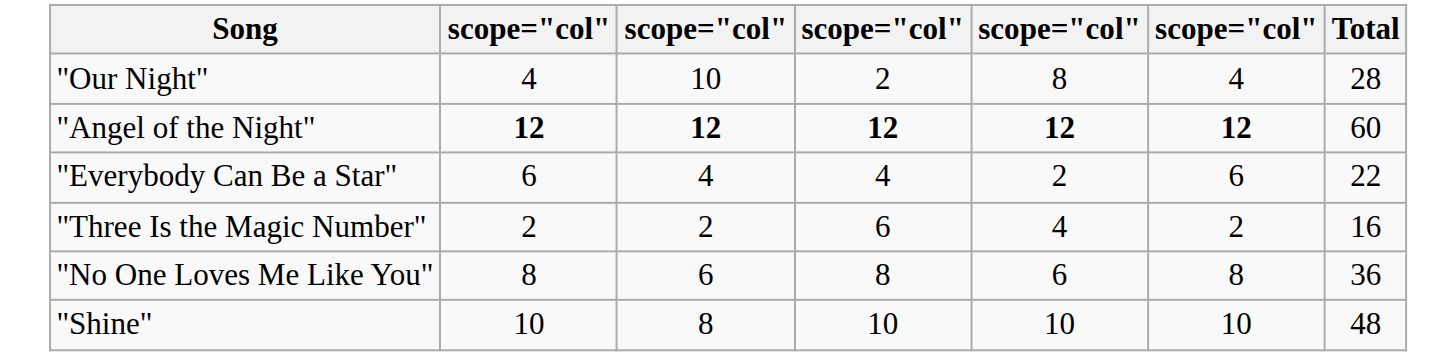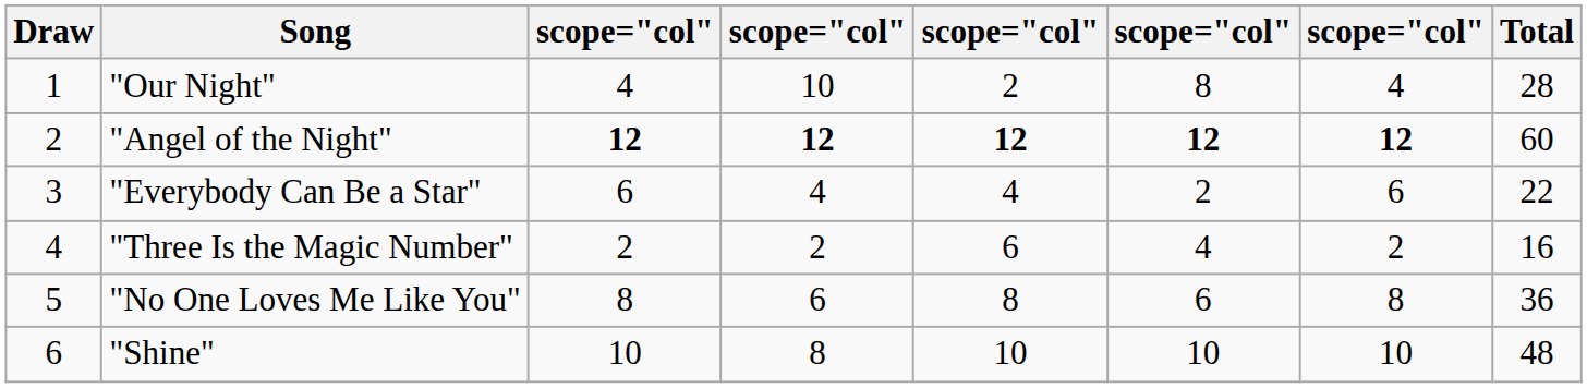 <table class="wikitable collapsible" style="margin: 1em auto 1em auto; text-align:center;">
 <tr>
+<th>Draw</th>
 <th>Song</th>
 <th>scope="col" </th>
 <th>scope="col" </th>
 <th>scope="col" </th>
 <th>scope="col" </th>
 <th>scope="col" </th>
 <th>Total</th>
 </tr>
 <tr>
+<td>1</td>
 <td align="left">"Our Night"</td>
 <td>4</td>
 <td>10</td>
 <td>2</td>
 <td>8</td>
 <td>4</td>
 <td>28</td>
 </tr>
 <tr>
+<td>2</td>
 <td align="left">"Angel of the Night"</td>
 <td><strong>12</strong></td>
 <td><strong>12</strong></td>
 <td><strong>12</strong></td>
 <td><strong>12</strong></td>
 <td><strong>12</strong></td>
 <td>60</td>
 </tr>
 <tr>
+<td>3</td>
 <td align="left">"Everybody Can Be a Star"</td>
 <td>6</td>
 <td>4</td>
 <td>4</td>
 <td>2</td>
 <td>6</td>
 <td>22</td>
 </tr>
 <tr>
+<td>4</td>
 <td align="left">"Three Is the Magic Number"</td>
 <td>2</td>
 <td>2</td>
 <td>6</td>
 <td>4</td>
 <td>2</td>
 <td>16</td>
 </tr>
 <tr>
+<td>5</td>
 <td align="left">"No One Loves Me Like You"</td>
 <td>8</td>
 <td>6</td>
 <td>8</td>
 <td>6</td>
 <td>8</td>
 <td>36</td>
 </tr>
 <tr>
+<td>6</td>
 <td align="left">"Shine"</td>
 <td>10</td>
 <td>8</td>
 <td>10</td>
 <td>10</td>
 <td>10</td>
 <td>48</td>
 </tr>
 </table>
